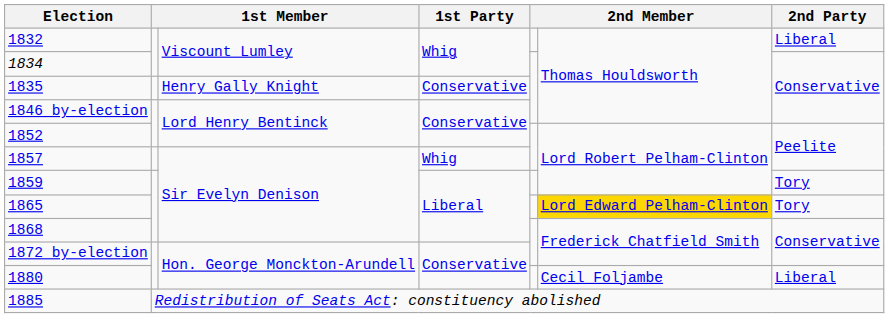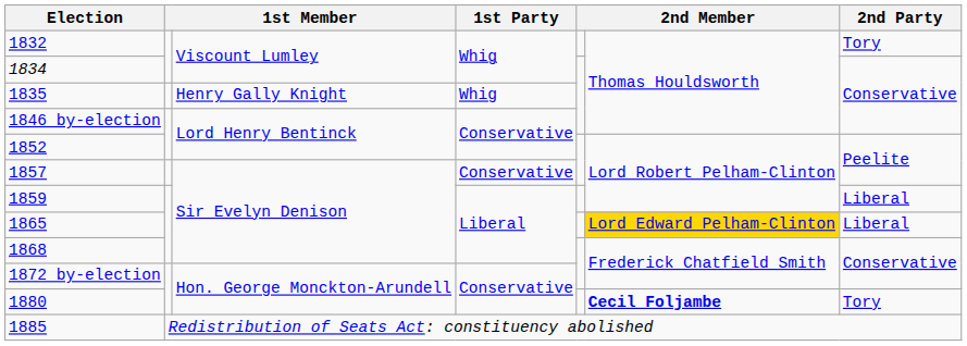 <table class="wikitable">
 <tr>
 <th>Election</th>
 <th colspan="2">1st Member</th>
 <th>1st Party</th>
 <th colspan="2">2nd Member</th>
 <th>2nd Party</th>
 </tr>
 <tr>
 <td><a href='#'>1832</a></td>
 <td rowspan="2" style="color:inherit;background-color: "></td>
 <td rowspan="2"><a href='#'>Viscount Lumley</a></td>
 <td rowspan="2"><a href='#'>Whig</a></td>
 <td style="color:inherit;background-color: "></td>
 <td rowspan="4"><a href='#'>Thomas Houldsworth</a></td>
-<td><a href='#'>Liberal</a></td>
+<td><a href='#'>Tory</a></td>
 </tr>
 <tr>
 <td><em>1834</em></td>
 <td rowspan="3" style="color:inherit;background-color: "></td>
 <td rowspan="3"><a href='#'>Conservative</a></td>
 </tr>
 <tr>
 <td><a href='#'>1835</a></td>
 <td style="color:inherit;background-color: "></td>
 <td><a href='#'>Henry Gally Knight</a></td>
-<td><a href='#'>Conservative</a></td>
+<td><a href='#'>Whig</a></td>
 </tr>
 <tr>
 <td><a href='#'>1846 by-election</a></td>
 <td rowspan="2" style="color:inherit;background-color: "></td>
 <td rowspan="2"><a href='#'>Lord Henry Bentinck</a></td>
 <td rowspan="2"><a href='#'>Conservative</a></td>
 </tr>
 <tr>
 <td><a href='#'>1852</a></td>
 <td rowspan="2" style="color:inherit;background-color: "></td>
 <td rowspan="3"><a href='#'>Lord Robert Pelham-Clinton</a></td>
 <td rowspan="2"><a href='#'>Peelite</a></td>
 </tr>
 <tr>
 <td><a href='#'>1857</a></td>
 <td style="color:inherit;background-color: "></td>
 <td rowspan="4"><a href='#'>Sir Evelyn Denison</a></td>
-<td><a href='#'>Whig</a></td>
+<td><a href='#'>Conservative</a></td>
 </tr>
 <tr>
 <td><a href='#'>1859</a></td>
 <td rowspan="3" style="color:inherit;background-color: "></td>
 <td rowspan="3"><a href='#'>Liberal</a></td>
 <td style="color:inherit;background-color: "></td>
-<td><a href='#'>Tory</a></td>
+<td><a href='#'>Liberal</a></td>
 </tr>
 <tr>
 <td><a href='#'>1865</a></td>
 <td style="color:inherit;background-color: "></td>
 <td style="background: gold;"><a href='#'>Lord Edward Pelham-Clinton</a></td>
-<td><a href='#'>Tory</a></td>
+<td><a href='#'>Liberal</a></td>
 </tr>
 <tr>
 <td><a href='#'>1868</a></td>
 <td rowspan="2" style="color:inherit;background-color: "></td>
 <td rowspan="2"><a href='#'>Frederick Chatfield Smith</a></td>
 <td rowspan="2"><a href='#'>Conservative</a></td>
 </tr>
 <tr>
 <td><a href='#'>1872 by-election</a></td>
 <td rowspan="2" style="color:inherit;background-color: "></td>
 <td rowspan="2"><a href='#'>Hon. George Monckton-Arundell</a></td>
 <td rowspan="2"><a href='#'>Conservative</a></td>
 </tr>
 <tr>
 <td><a href='#'>1880</a></td>
 <td style="color:inherit;background-color: "></td>
-<td><a href='#'>Cecil Foljambe</a></td>
-<td><a href='#'>Liberal</a></td>
+<td><strong><a href='#'>Cecil Foljambe</a></strong></td>
+<td><a href='#'>Tory</a></td>
 </tr>
 <tr>
 <td><a href='#'>1885</a></td>
 <td colspan="6"><em><a href='#'>Redistribution of Seats Act</a>: constituency abolished</em></td>
 </tr>
 </table>
